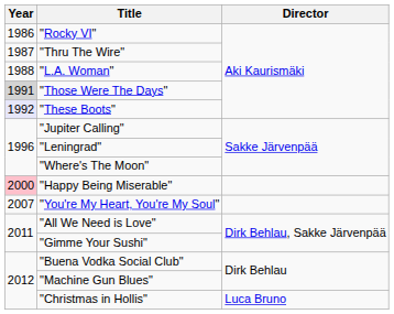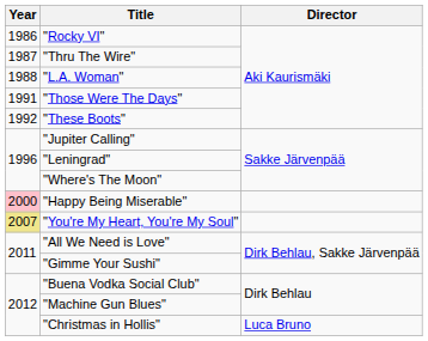 <table class="wikitable">
 <tr>
 <th>Year</th>
 <th>Title</th>
 <th>Director</th>
 </tr>
 <tr>
 <td>1986</td>
 <td>"<a href='#'>Rocky VI</a>"</td>
 <td rowspan="5"><a href='#'>Aki Kaurismäki</a></td>
 </tr>
 <tr>
 <td>1987</td>
 <td>"Thru The Wire"</td>
 </tr>
 <tr>
 <td>1988</td>
 <td>"<a href='#'>L.A. Woman</a>"</td>
 </tr>
 <tr>
-<td style="background: lightgrey;">1991</td>
+<td>1991</td>
 <td>"<a href='#'>Those Were The Days</a>"</td>
 </tr>
 <tr>
-<td style="background: lavender;">1992</td>
+<td>1992</td>
 <td>"<a href='#'>These Boots</a>"</td>
 </tr>
 <tr>
 <td rowspan="3">1996</td>
 <td>"Jupiter Calling"</td>
 <td rowspan="3"><a href='#'>Sakke Järvenpää</a></td>
 </tr>
 <tr>
 <td>"Leningrad"</td>
 </tr>
 <tr>
 <td>"Where's The Moon"</td>
 </tr>
 <tr>
 <td style="background: pink;">2000</td>
 <td>"Happy Being Miserable"</td>
 <td></td>
 </tr>
 <tr>
-<td>2007</td>
+<td style="background: khaki;">2007</td>
 <td>"<a href='#'>You're My Heart, You're My Soul</a>"</td>
 <td></td>
 </tr>
 <tr>
 <td rowspan="2">2011</td>
 <td>"All We Need is Love"</td>
 <td rowspan="2"><a href='#'>Dirk Behlau</a>, Sakke Järvenpää</td>
 </tr>
 <tr>
 <td>"Gimme Your Sushi"</td>
 </tr>
 <tr>
 <td rowspan="3">2012</td>
 <td>"Buena Vodka Social Club"</td>
 <td rowspan="2">Dirk Behlau</td>
 </tr>
 <tr>
 <td>"Machine Gun Blues"</td>
 </tr>
 <tr>
 <td>"Christmas in Hollis"</td>
 <td><a href='#'>Luca Bruno</a></td>
 </tr>
 </table>
